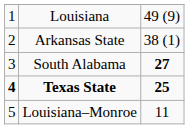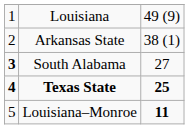 <table class="wikitable" style="display: inline-table;">
 <tr align="center">
 </tr>
 <tr align="center">
 <td>1</td>
 <td>Louisiana</td>
 <td>49 (9)</td>
 </tr>
 <tr align="center">
 <td>2</td>
 <td>Arkansas State</td>
 <td>38 (1)</td>
 </tr>
 <tr align="center">
-<td>3</td>
+<td><strong>3</strong></td>
 <td>South Alabama</td>
-<td><strong>27</strong></td>
+<td>27</td>
 </tr>
 <tr align="center">
 <td><strong>4</strong></td>
 <td><strong>Texas State</strong></td>
 <td><strong>25</strong></td>
 </tr>
 <tr align="center">
 <td>5</td>
 <td>Louisiana–Monroe</td>
-<td>11</td>
+<td><strong>11</strong></td>
 </tr>
 </table>
